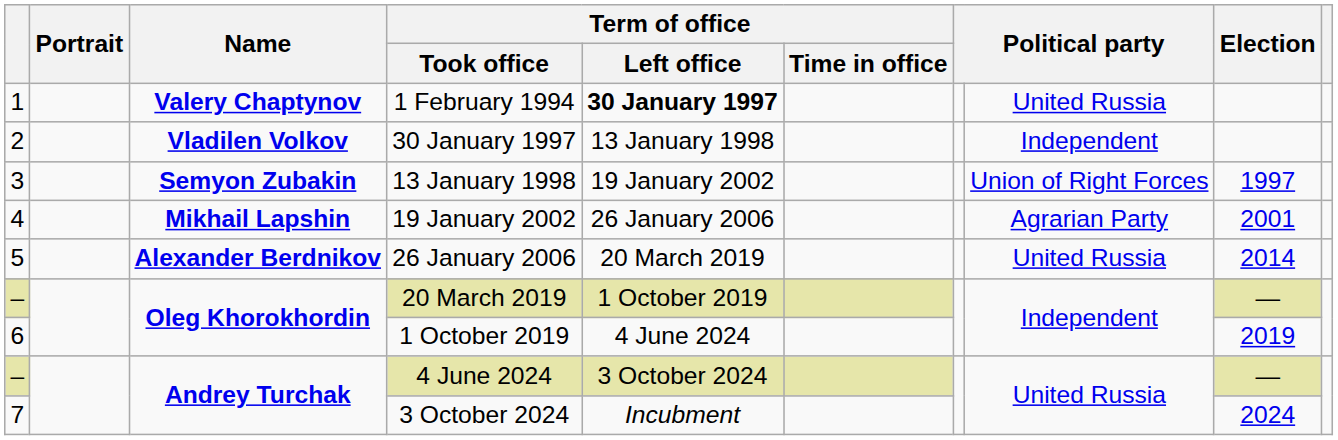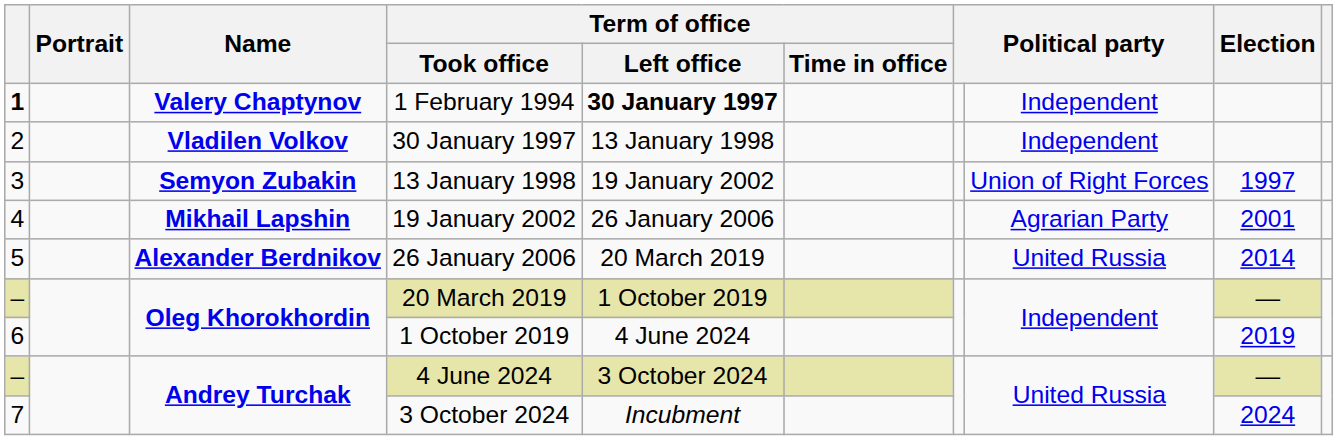 <table class="wikitable" style="text-align:center">
 <tr>
 <th rowspan=2></th>
 <th rowspan=2>Portrait</th>
 <th rowspan=2>Name<br></th>
 <th colspan=3>Term of office</th>
 <th colspan=2 rowspan=2>Political party</th>
 <th rowspan=2>Election</th>
 <th rowspan=2></th>
 </tr>
 <tr>
 <th>Took office</th>
 <th>Left office</th>
 <th>Time in office</th>
 </tr>
 <tr>
-<td>1</td>
+<td><strong>1</strong></td>
 <td></td>
 <td><strong><a href='#'>Valery Chaptynov</a></strong><br></td>
 <td>1 February 1994</td>
 <td><strong>30 January 1997</strong></td>
 <td></td>
 <td style="background: "></td>
-<td><a href='#'>United Russia</a></td>
+<td><a href='#'>Independent</a></td>
 <td></td>
 <td></td>
 </tr>
 <tr>
 <td>2</td>
 <td></td>
 <td><strong><a href='#'>Vladilen Volkov</a></strong><br></td>
 <td>30 January 1997</td>
 <td>13 January 1998</td>
 <td></td>
 <td style="background: "></td>
 <td><a href='#'>Independent</a></td>
 <td></td>
 <td></td>
 </tr>
 <tr>
 <td>3</td>
 <td></td>
 <td><strong><a href='#'>Semyon Zubakin</a></strong><br></td>
 <td>13 January 1998</td>
 <td>19 January 2002</td>
 <td></td>
 <td style="background: "></td>
 <td><a href='#'>Union of Right Forces</a></td>
 <td><a href='#'>1997</a></td>
 <td></td>
 </tr>
 <tr>
 <td>4</td>
 <td></td>
 <td><strong><a href='#'>Mikhail Lapshin</a></strong><br></td>
 <td>19 January 2002</td>
 <td>26 January 2006</td>
 <td></td>
 <td style="background: "></td>
 <td><a href='#'>Agrarian Party</a></td>
 <td><a href='#'>2001</a></td>
 <td></td>
 </tr>
 <tr>
 <td>5</td>
 <td></td>
 <td><strong><a href='#'>Alexander Berdnikov</a></strong><br></td>
 <td>26 January 2006</td>
 <td>20 March 2019</td>
 <td></td>
 <td style="background: "></td>
 <td><a href='#'>United Russia</a></td>
 <td><a href='#'>2014</a></td>
 <td></td>
 </tr>
 <tr>
 <td style="background:#e6e6aa;">–</td>
 <td rowspan=2></td>
 <td rowspan=2><strong><a href='#'>Oleg Khorokhordin</a></strong><br></td>
 <td style="background:#e6e6aa;">20 March 2019</td>
 <td style="background:#e6e6aa;">1 October 2019</td>
 <td style="background:#e6e6aa;"></td>
 <td rowspan=2 style="background: "></td>
 <td rowspan=2><a href='#'>Independent</a></td>
 <td style="background:#e6e6aa;">—</td>
 <td rowspan=2></td>
 </tr>
 <tr>
 <td>6</td>
 <td>1 October 2019</td>
 <td>4 June 2024</td>
 <td></td>
 <td><a href='#'>2019</a></td>
 </tr>
 <tr>
 <td style="background:#e6e6aa;">–</td>
 <td rowspan=2></td>
 <td rowspan=2><strong><a href='#'>Andrey Turchak</a></strong><br></td>
 <td style="background:#e6e6aa;">4 June 2024</td>
 <td style="background:#e6e6aa;">3 October 2024</td>
 <td style="background:#e6e6aa;"></td>
 <td rowspan=2 style="background: "></td>
 <td rowspan=2><a href='#'>United Russia</a></td>
 <td style="background:#e6e6aa;">—</td>
 <td rowspan=2></td>
 </tr>
 <tr>
 <td>7</td>
 <td>3 October 2024</td>
 <td><em>Incubment</em></td>
 <td></td>
 <td><a href='#'>2024</a></td>
 </tr>
 </table>
